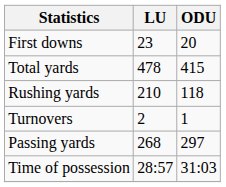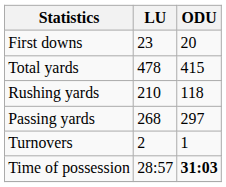 <table class="wikitable" style="float: left;">
 <tr>
 <th>Statistics</th>
 <th>LU</th>
 <th>ODU</th>
 </tr>
 <tr>
 <td>First downs</td>
 <td>23</td>
 <td>20</td>
 </tr>
 <tr>
 <td>Total yards</td>
 <td>478</td>
 <td>415</td>
 </tr>
 <tr>
 <td>Rushing yards</td>
 <td>210</td>
 <td>118</td>
 </tr>
 <tr>
+<td>Passing yards</td>
+<td>268</td>
+<td>297</td>
+</tr>
+<tr>
 <td>Turnovers</td>
 <td>2</td>
 <td>1</td>
 </tr>
 <tr>
-<td>Passing yards</td>
-<td>268</td>
-<td>297</td>
-</tr>
-<tr>
 <td>Time of possession</td>
 <td>28:57</td>
-<td>31:03</td>
+<td><strong>31:03</strong></td>
 </tr>
 <tr>
 </tr>
 </table>
